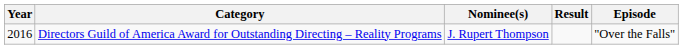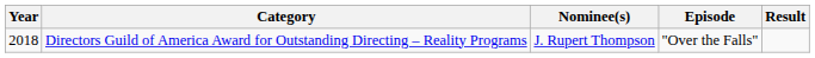 <table class="wikitable">
 <tr>
 <th>Year</th>
 <th>Category</th>
 <th>Nominee(s)</th>
+<th>Episode</th>
 <th>Result</th>
-<th>Episode</th>
 </tr>
 <tr>
-<td>2016</td>
+<td>2018</td>
 <td><a href='#'>Directors Guild of America Award for Outstanding Directing – Reality Programs</a></td>
 <td><a href='#'>J. Rupert Thompson</a></td>
+<td>"Over the Falls"</td>
 <td></td>
-<td>"Over the Falls"</td>
 </tr>
 </table>
